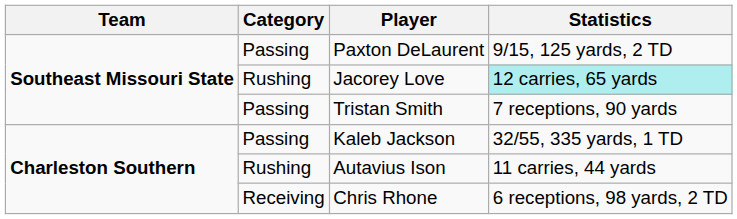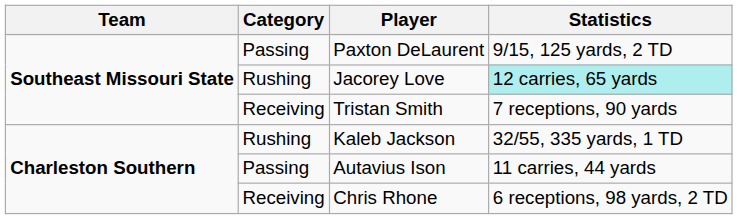 <table class="wikitable" style="float: right;">
 <tr>
 <th>Team</th>
 <th>Category</th>
 <th>Player</th>
 <th>Statistics</th>
 </tr>
 <tr>
 <td rowspan=3><strong>Southeast Missouri State</strong></td>
 <td>Passing</td>
 <td>Paxton DeLaurent</td>
 <td>9/15, 125 yards, 2 TD</td>
 </tr>
 <tr>
 <td>Rushing</td>
 <td>Jacorey Love</td>
 <td style="background: paleturquoise;">12 carries, 65 yards</td>
 </tr>
 <tr>
-<td>Passing</td>
+<td>Receiving</td>
 <td>Tristan Smith</td>
 <td>7 receptions, 90 yards</td>
 </tr>
 <tr>
 <td rowspan=3><strong>Charleston Southern</strong></td>
-<td>Passing</td>
+<td>Rushing</td>
 <td>Kaleb Jackson</td>
 <td>32/55, 335 yards, 1 TD</td>
 </tr>
 <tr>
-<td>Rushing</td>
+<td>Passing</td>
 <td>Autavius Ison</td>
 <td>11 carries, 44 yards</td>
 </tr>
 <tr>
 <td>Receiving</td>
 <td>Chris Rhone</td>
 <td>6 receptions, 98 yards, 2 TD</td>
 </tr>
 </table>
